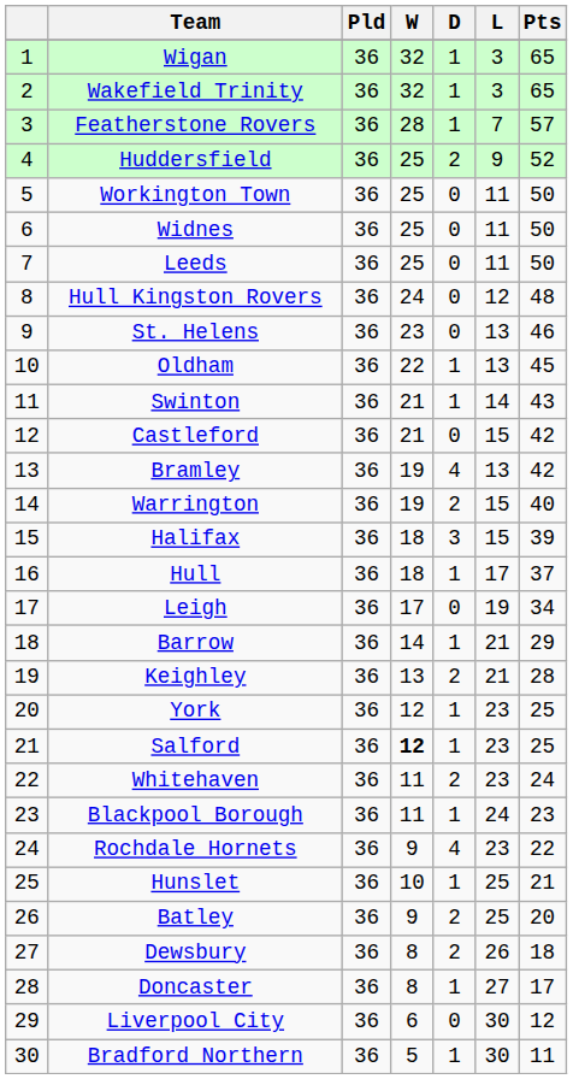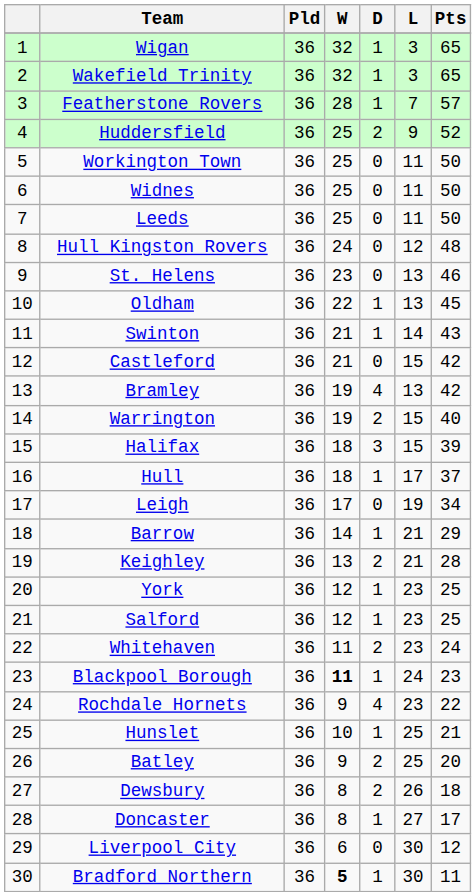 <table class="wikitable" style="text-align:center;">
 <tr>
 <th width=20 abbr="Position"></th>
 <th width=175>Team</th>
 <th width=20 abbr="Played">Pld</th>
 <th width=20 abbr="Won">W</th>
 <th width=20 abbr="Drawn">D</th>
 <th width=20 abbr="Lost">L</th>
 <th width=20 abbr="Points">Pts</th>
 </tr>
 <tr>
 </tr>
 <tr align=center style="background:#ccffcc;color:">
 <td>1</td>
 <td><a href='#'>Wigan</a></td>
 <td>36</td>
 <td>32</td>
 <td>1</td>
 <td>3</td>
 <td>65</td>
 </tr>
 <tr align=center style="background:#ccffcc;color:">
 <td>2</td>
 <td><a href='#'>Wakefield Trinity</a></td>
 <td>36</td>
 <td>32</td>
 <td>1</td>
 <td>3</td>
 <td>65</td>
 </tr>
 <tr align=center style="background:#ccffcc;color:">
 <td>3</td>
 <td><a href='#'>Featherstone Rovers</a></td>
 <td>36</td>
 <td>28</td>
 <td>1</td>
 <td>7</td>
 <td>57</td>
 </tr>
 <tr align=center style="background:#ccffcc;color:">
 <td>4</td>
 <td><a href='#'>Huddersfield</a></td>
 <td>36</td>
 <td>25</td>
 <td>2</td>
 <td>9</td>
 <td>52</td>
 </tr>
 <tr align=center style="background:">
 <td>5</td>
 <td><a href='#'>Workington Town</a></td>
 <td>36</td>
 <td>25</td>
 <td>0</td>
 <td>11</td>
 <td>50</td>
 </tr>
 <tr align=center style="background:">
 <td>6</td>
 <td><a href='#'>Widnes</a></td>
 <td>36</td>
 <td>25</td>
 <td>0</td>
 <td>11</td>
 <td>50</td>
 </tr>
 <tr align=center style="background:">
 <td>7</td>
 <td><a href='#'>Leeds</a></td>
 <td>36</td>
 <td>25</td>
 <td>0</td>
 <td>11</td>
 <td>50</td>
 </tr>
 <tr align=center style="background:">
 <td>8</td>
 <td><a href='#'>Hull Kingston Rovers</a></td>
 <td>36</td>
 <td>24</td>
 <td>0</td>
 <td>12</td>
 <td>48</td>
 </tr>
 <tr align=center style="background:">
 <td>9</td>
 <td><a href='#'>St. Helens</a></td>
 <td>36</td>
 <td>23</td>
 <td>0</td>
 <td>13</td>
 <td>46</td>
 </tr>
 <tr align=center style="background:">
 <td>10</td>
 <td><a href='#'>Oldham</a></td>
 <td>36</td>
 <td>22</td>
 <td>1</td>
 <td>13</td>
 <td>45</td>
 </tr>
 <tr align=center style="background:">
 <td>11</td>
 <td><a href='#'>Swinton</a></td>
 <td>36</td>
 <td>21</td>
 <td>1</td>
 <td>14</td>
 <td>43</td>
 </tr>
 <tr align=center style="background:">
 <td>12</td>
 <td><a href='#'>Castleford</a></td>
 <td>36</td>
 <td>21</td>
 <td>0</td>
 <td>15</td>
 <td>42</td>
 </tr>
 <tr align=center style="background:">
 <td>13</td>
 <td><a href='#'>Bramley</a></td>
 <td>36</td>
 <td>19</td>
 <td>4</td>
 <td>13</td>
 <td>42</td>
 </tr>
 <tr align=center style="background:">
 <td>14</td>
 <td><a href='#'>Warrington</a></td>
 <td>36</td>
 <td>19</td>
 <td>2</td>
 <td>15</td>
 <td>40</td>
 </tr>
 <tr align=center style="background:">
 <td>15</td>
 <td><a href='#'>Halifax</a></td>
 <td>36</td>
 <td>18</td>
 <td>3</td>
 <td>15</td>
 <td>39</td>
 </tr>
 <tr align=center style="background:">
 <td>16</td>
 <td><a href='#'>Hull</a></td>
 <td>36</td>
 <td>18</td>
 <td>1</td>
 <td>17</td>
 <td>37</td>
 </tr>
 <tr align=center style="background:">
 <td>17</td>
 <td><a href='#'>Leigh</a></td>
 <td>36</td>
 <td>17</td>
 <td>0</td>
 <td>19</td>
 <td>34</td>
 </tr>
 <tr align=center style="background:">
 <td>18</td>
 <td><a href='#'>Barrow</a></td>
 <td>36</td>
 <td>14</td>
 <td>1</td>
 <td>21</td>
 <td>29</td>
 </tr>
 <tr align=center style="background:">
 <td>19</td>
 <td><a href='#'>Keighley</a></td>
 <td>36</td>
 <td>13</td>
 <td>2</td>
 <td>21</td>
 <td>28</td>
 </tr>
 <tr align=center style="background:">
 <td>20</td>
 <td><a href='#'>York</a></td>
 <td>36</td>
 <td>12</td>
 <td>1</td>
 <td>23</td>
 <td>25</td>
 </tr>
 <tr align=center style="background:">
 <td>21</td>
 <td><a href='#'>Salford</a></td>
 <td>36</td>
-<td><strong>12</strong></td>
+<td>12</td>
 <td>1</td>
 <td>23</td>
 <td>25</td>
 </tr>
 <tr align=center style="background:">
 <td>22</td>
 <td><a href='#'>Whitehaven</a></td>
 <td>36</td>
 <td>11</td>
 <td>2</td>
 <td>23</td>
 <td>24</td>
 </tr>
 <tr align=center style="background:">
 <td>23</td>
 <td><a href='#'>Blackpool Borough</a></td>
 <td>36</td>
-<td>11</td>
+<td><strong>11</strong></td>
 <td>1</td>
 <td>24</td>
 <td>23</td>
 </tr>
 <tr align=center style="background:">
 <td>24</td>
 <td><a href='#'>Rochdale Hornets</a></td>
 <td>36</td>
 <td>9</td>
 <td>4</td>
 <td>23</td>
 <td>22</td>
 </tr>
 <tr align=center style="background:">
 <td>25</td>
 <td><a href='#'>Hunslet</a></td>
 <td>36</td>
 <td>10</td>
 <td>1</td>
 <td>25</td>
 <td>21</td>
 </tr>
 <tr align=center style="background:">
 <td>26</td>
 <td><a href='#'>Batley</a></td>
 <td>36</td>
 <td>9</td>
 <td>2</td>
 <td>25</td>
 <td>20</td>
 </tr>
 <tr align=center style="background:">
 <td>27</td>
 <td><a href='#'>Dewsbury</a></td>
 <td>36</td>
 <td>8</td>
 <td>2</td>
 <td>26</td>
 <td>18</td>
 </tr>
 <tr align=center style="background:">
 <td>28</td>
 <td><a href='#'>Doncaster</a></td>
 <td>36</td>
 <td>8</td>
 <td>1</td>
 <td>27</td>
 <td>17</td>
 </tr>
 <tr align=center style="background:">
 <td>29</td>
 <td><a href='#'>Liverpool City</a></td>
 <td>36</td>
 <td>6</td>
 <td>0</td>
 <td>30</td>
 <td>12</td>
 </tr>
 <tr align=center style="background:">
 <td>30</td>
 <td><a href='#'>Bradford Northern</a></td>
 <td>36</td>
-<td>5</td>
+<td><strong>5</strong></td>
 <td>1</td>
 <td>30</td>
 <td>11</td>
 </tr>
 <tr>
 </tr>
 </table>
